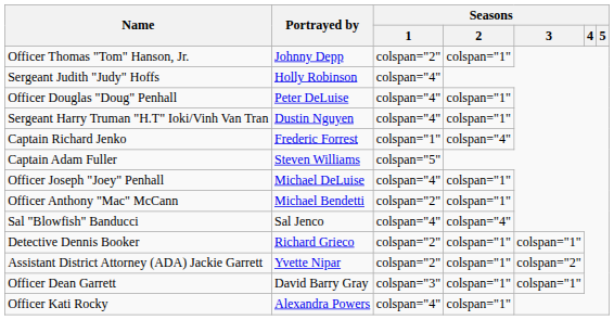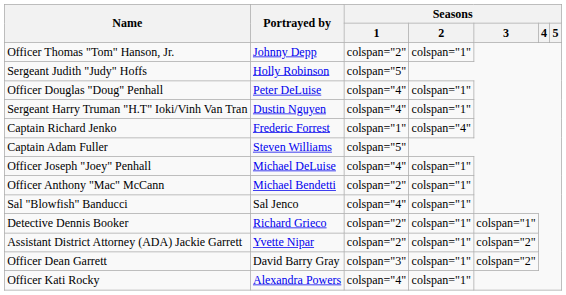 <table class="wikitable plainrowheaders">
 <tr>
 <th scope="col" rowspan="2">Name</th>
 <th scope="col" rowspan="2">Portrayed by</th>
 <th scope="col" colspan="5">Seasons</th>
 </tr>
 <tr>
 <th scope="col">1</th>
 <th scope="col">2</th>
 <th scope="col">3</th>
 <th scope="col">4</th>
 <th scope="col">5</th>
 </tr>
 <tr>
 <td>Officer Thomas "Tom" Hanson, Jr.</td>
 <td><a href='#'>Johnny Depp</a></td>
 <td>colspan="2" </td>
 <td>colspan="1" </td>
 </tr>
 <tr>
 <td>Sergeant Judith "Judy" Hoffs</td>
 <td><a href='#'>Holly Robinson</a></td>
-<td>colspan="4" </td>
+<td>colspan="5" </td>
 </tr>
 <tr>
 <td>Officer Douglas "Doug" Penhall</td>
 <td><a href='#'>Peter DeLuise</a></td>
 <td>colspan="4" </td>
 <td>colspan="1" </td>
 </tr>
 <tr>
 <td>Sergeant Harry Truman "H.T" Ioki/Vinh Van Tran</td>
 <td><a href='#'>Dustin Nguyen</a></td>
 <td>colspan="4" </td>
 <td>colspan="1" </td>
 </tr>
 <tr>
 <td>Captain Richard Jenko</td>
 <td><a href='#'>Frederic Forrest</a></td>
 <td>colspan="1" </td>
 <td>colspan="4" </td>
 </tr>
 <tr>
 <td>Captain Adam Fuller</td>
 <td><a href='#'>Steven Williams</a></td>
 <td>colspan="5" </td>
 </tr>
 <tr>
 <td>Officer Joseph "Joey" Penhall</td>
 <td><a href='#'>Michael DeLuise</a></td>
 <td>colspan="4" </td>
 <td>colspan="1" </td>
 </tr>
 <tr>
 <td>Officer Anthony "Mac" McCann</td>
 <td><a href='#'>Michael Bendetti</a></td>
 <td>colspan="2" </td>
 <td>colspan="1" </td>
 </tr>
 <tr>
 <td>Sal "Blowfish" Banducci</td>
 <td>Sal Jenco</td>
 <td>colspan="4" </td>
-<td>colspan="4" </td>
+<td>colspan="1" </td>
 </tr>
 <tr>
 <td>Detective Dennis Booker</td>
 <td><a href='#'>Richard Grieco</a></td>
 <td>colspan="2" </td>
 <td>colspan="1" </td>
 <td>colspan="1" </td>
 </tr>
 <tr>
 <td>Assistant District Attorney (ADA) Jackie Garrett</td>
 <td><a href='#'>Yvette Nipar</a></td>
 <td>colspan="2" </td>
 <td>colspan="1" </td>
 <td>colspan="2" </td>
 </tr>
 <tr>
 <td>Officer Dean Garrett</td>
 <td>David Barry Gray</td>
 <td>colspan="3" </td>
 <td>colspan="1" </td>
-<td>colspan="1" </td>
+<td>colspan="2" </td>
 </tr>
 <tr>
 <td>Officer Kati Rocky</td>
 <td><a href='#'>Alexandra Powers</a></td>
 <td>colspan="4" </td>
 <td>colspan="1" </td>
 </tr>
 </table>
